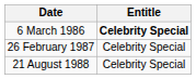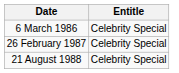 <table class="wikitable" style="text-align:center;">
 <tr>
 <th>Date</th>
 <th>Entitle</th>
 </tr>
 <tr>
 <td>6 March 1986</td>
-<td><strong>Celebrity Special</strong></td>
+<td>Celebrity Special</td>
 </tr>
 <tr>
 <td>26 February 1987</td>
 <td>Celebrity Special</td>
 </tr>
 <tr>
 <td>21 August 1988</td>
 <td>Celebrity Special</td>
 </tr>
 </table>
